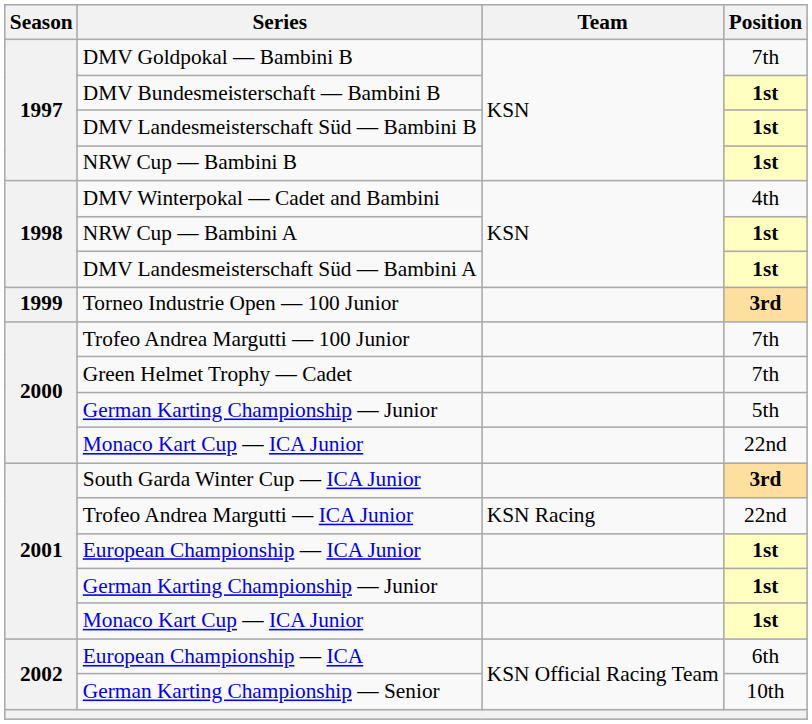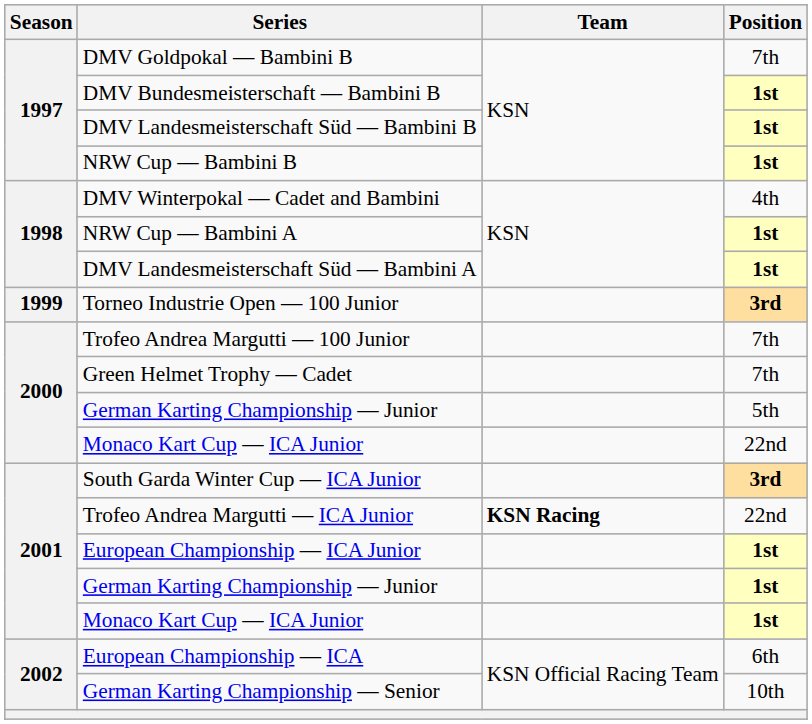 <table class="wikitable" style="font-size: 85%; text-align:center">
 <tr>
 <th>Season</th>
 <th>Series</th>
 <th>Team</th>
 <th>Position</th>
 </tr>
 <tr>
 <th rowspan="4">1997</th>
 <td align="left">DMV Goldpokal — Bambini B</td>
 <td rowspan="4" align="left">KSN</td>
 <td>7th</td>
 </tr>
 <tr>
 <td align="left">DMV Bundesmeisterschaft — Bambini B</td>
 <td style="background:#FFFFBF;"><strong>1st</strong></td>
 </tr>
 <tr>
 <td align="left">DMV Landesmeisterschaft Süd — Bambini B</td>
 <td style="background:#FFFFBF;"><strong>1st</strong></td>
 </tr>
 <tr>
 <td align="left">NRW Cup — Bambini B</td>
 <td style="background:#FFFFBF;"><strong>1st</strong></td>
 </tr>
 <tr>
 <th rowspan="3">1998</th>
 <td align="left">DMV Winterpokal — Cadet and Bambini</td>
 <td rowspan="3" align="left">KSN</td>
 <td>4th</td>
 </tr>
 <tr>
 <td align="left">NRW Cup — Bambini A</td>
 <td style="background:#FFFFBF;"><strong>1st</strong></td>
 </tr>
 <tr>
 <td align="left">DMV Landesmeisterschaft Süd — Bambini A</td>
 <td style="background:#FFFFBF;"><strong>1st</strong></td>
 </tr>
 <tr>
 <th>1999</th>
 <td align="left">Torneo Industrie Open — 100 Junior</td>
 <td align="left"></td>
 <td style="background:#FFDF9F;"><strong>3rd</strong></td>
 </tr>
 <tr>
 <th rowspan="4">2000</th>
 <td align="left">Trofeo Andrea Margutti — 100 Junior</td>
 <td align="left"></td>
 <td>7th</td>
 </tr>
 <tr>
 <td align="left">Green Helmet Trophy — Cadet</td>
 <td align="left"></td>
 <td>7th</td>
 </tr>
 <tr>
 <td align="left"><a href='#'>German Karting Championship</a> — Junior</td>
 <td></td>
 <td>5th</td>
 </tr>
 <tr>
 <td align="left"><a href='#'>Monaco Kart Cup</a> — <a href='#'>ICA Junior</a></td>
 <td align="left"></td>
 <td>22nd</td>
 </tr>
 <tr>
 <th rowspan="5">2001</th>
 <td align="left">South Garda Winter Cup — <a href='#'>ICA Junior</a></td>
 <td align="left"></td>
 <td style="background:#FFDF9F;"><strong>3rd</strong></td>
 </tr>
 <tr>
 <td align="left">Trofeo Andrea Margutti — <a href='#'>ICA Junior</a></td>
-<td align=left>KSN Racing</td>
+<td align=left><strong>KSN Racing</strong></td>
 <td>22nd</td>
 </tr>
 <tr>
 <td align="left"><a href='#'>European Championship</a> — <a href='#'>ICA Junior</a></td>
 <td></td>
 <td style="background:#FFFFBF;"><strong>1st</strong></td>
 </tr>
 <tr>
 <td align="left"><a href='#'>German Karting Championship</a> — Junior</td>
 <td align="left"></td>
 <td style="background:#FFFFBF;"><strong>1st</strong></td>
 </tr>
 <tr>
 <td align="left"><a href='#'>Monaco Kart Cup</a> — <a href='#'>ICA Junior</a></td>
 <td align="left"></td>
 <td style="background:#FFFFBF;"><strong>1st</strong></td>
 </tr>
 <tr>
 <th rowspan="2">2002</th>
 <td align="left"><a href='#'>European Championship</a> — <a href='#'>ICA</a></td>
 <td rowspan="2" align="left">KSN Official Racing Team</td>
 <td>6th</td>
 </tr>
 <tr>
 <td align="left"><a href='#'>German Karting Championship</a> — Senior</td>
 <td>10th</td>
 </tr>
 <tr>
 <th colspan="4"></th>
 </tr>
 </table>
